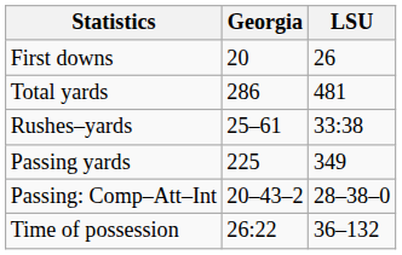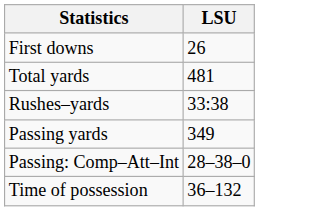 <table class="wikitable" style="float: left;">
 <tr>
 <th>Statistics</th>
-<th>Georgia</th>
 <th>LSU</th>
 </tr>
 <tr>
 <td>First downs</td>
-<td>20</td>
 <td>26</td>
 </tr>
 <tr>
 <td>Total yards</td>
-<td>286</td>
 <td>481</td>
 </tr>
 <tr>
 <td>Rushes–yards</td>
-<td>25–61</td>
 <td>33:38</td>
 </tr>
 <tr>
 <td>Passing yards</td>
-<td>225</td>
 <td>349</td>
 </tr>
 <tr>
 <td>Passing: Comp–Att–Int</td>
-<td>20–43–2</td>
 <td>28–38–0</td>
 </tr>
 <tr>
 <td>Time of possession</td>
-<td>26:22</td>
 <td>36–132</td>
 </tr>
 </table>
